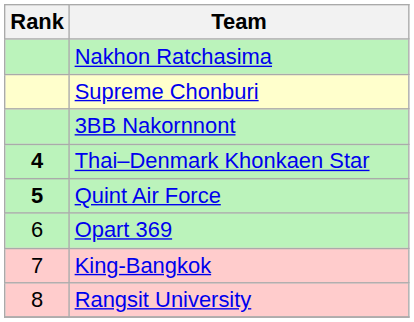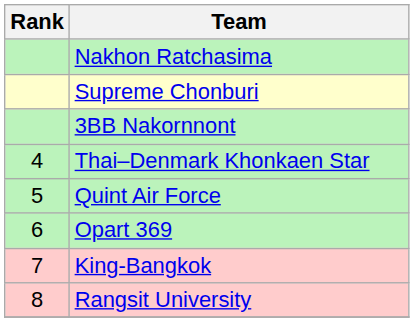 <table class="wikitable" style="text-align: center;">
 <tr>
 <th width=40>Rank</th>
 <th width=240>Team</th>
 </tr>
 <tr bgcolor=#BBF3BB>
 <td></td>
 <td align=left><a href='#'>Nakhon Ratchasima</a></td>
 </tr>
 <tr bgcolor=#ffffcc>
 <td></td>
 <td align=left><a href='#'>Supreme Chonburi</a></td>
 </tr>
 <tr bgcolor=#BBF3BB>
 <td></td>
 <td align=left><a href='#'>3BB Nakornnont</a></td>
 </tr>
 <tr bgcolor=#BBF3BB>
-<td><strong>4</strong></td>
+<td>4</td>
 <td align=left><a href='#'>Thai–Denmark Khonkaen Star</a></td>
 </tr>
 <tr bgcolor=#BBF3BB>
-<td><strong>5</strong></td>
+<td>5</td>
 <td align=left><a href='#'>Quint Air Force</a></td>
 </tr>
 <tr bgcolor=#BBF3BB>
 <td>6</td>
 <td align=left><a href='#'>Opart 369</a></td>
 </tr>
 <tr bgcolor=#ffcccc>
 <td>7</td>
 <td align=left><a href='#'>King-Bangkok</a></td>
 </tr>
 <tr bgcolor=#ffcccc>
 <td>8</td>
 <td align=left><a href='#'>Rangsit University</a></td>
 </tr>
 <tr>
 </tr>
 </table>
